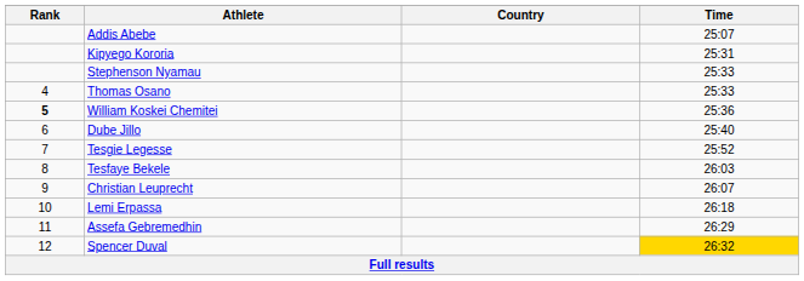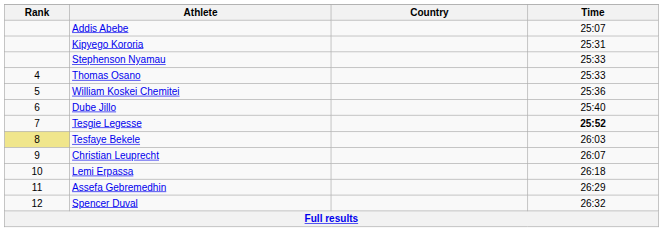 <table class="wikitable sortable" style=" text-align:center; font-size:95%;" width="50%">
 <tr>
 </tr>
 <tr>
 <th width=5%>Rank</th>
 <th width=20%>Athlete</th>
 <th width=15%>Country</th>
 <th width=10%>Time</th>
 </tr>
 <tr>
 <td align=center></td>
 <td align=left><a href='#'>Addis Abebe</a></td>
 <td align=left></td>
 <td>25:07</td>
 </tr>
 <tr>
 <td align=center></td>
 <td align=left><a href='#'>Kipyego Kororia</a></td>
 <td align=left></td>
 <td>25:31</td>
 </tr>
 <tr>
 <td align=center></td>
 <td align=left><a href='#'>Stephenson Nyamau</a></td>
 <td align=left></td>
 <td>25:33</td>
 </tr>
 <tr>
 <td align=center>4</td>
 <td align=left><a href='#'>Thomas Osano</a></td>
 <td align=left></td>
 <td>25:33</td>
 </tr>
 <tr>
-<td align=center><strong>5</strong></td>
+<td align=center>5</td>
 <td align=left><a href='#'>William Koskei Chemitei</a></td>
 <td align=left></td>
 <td>25:36</td>
 </tr>
 <tr>
 <td align=center>6</td>
 <td align=left><a href='#'>Dube Jillo</a></td>
 <td align=left></td>
 <td>25:40</td>
 </tr>
 <tr>
 <td align=center>7</td>
 <td align=left><a href='#'>Tesgie Legesse</a></td>
 <td align=left></td>
-<td>25:52</td>
+<td><strong>25:52</strong></td>
 </tr>
 <tr>
-<td align=center>8</td>
+<td align=center style="background: khaki;">8</td>
 <td align=left><a href='#'>Tesfaye Bekele</a></td>
 <td align=left></td>
 <td>26:03</td>
 </tr>
 <tr>
 <td align=center>9</td>
 <td align=left><a href='#'>Christian Leuprecht</a></td>
 <td align=left></td>
 <td>26:07</td>
 </tr>
 <tr>
 <td align=center>10</td>
 <td align=left><a href='#'>Lemi Erpassa</a></td>
 <td align=left></td>
 <td>26:18</td>
 </tr>
 <tr>
 <td align=center>11</td>
 <td align=left><a href='#'>Assefa Gebremedhin</a></td>
 <td align=left></td>
 <td>26:29</td>
 </tr>
 <tr>
 <td align=center>12</td>
 <td align=left><a href='#'>Spencer Duval</a></td>
 <td align=left></td>
-<td style="background: gold;">26:32</td>
+<td>26:32</td>
 </tr>
 <tr class="sortbottom">
 <th colspan=4 align=center><a href='#'>Full results</a></th>
 </tr>
 </table>
